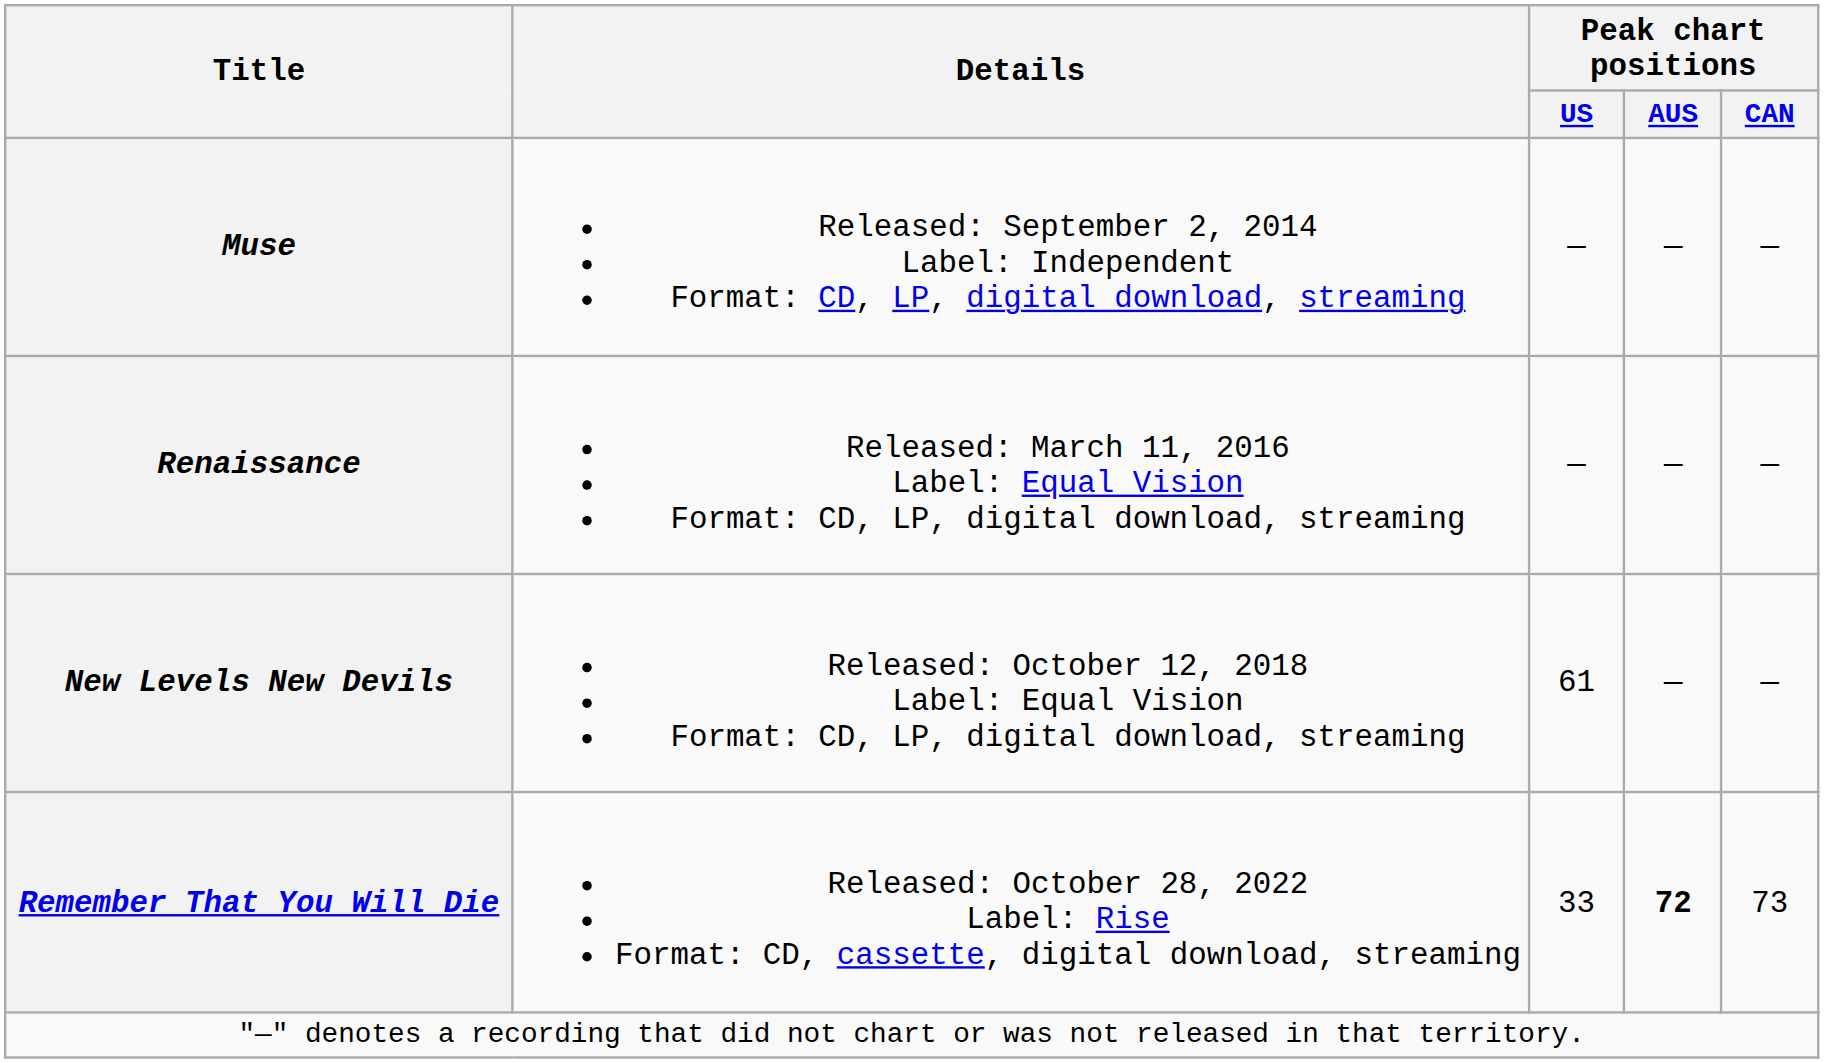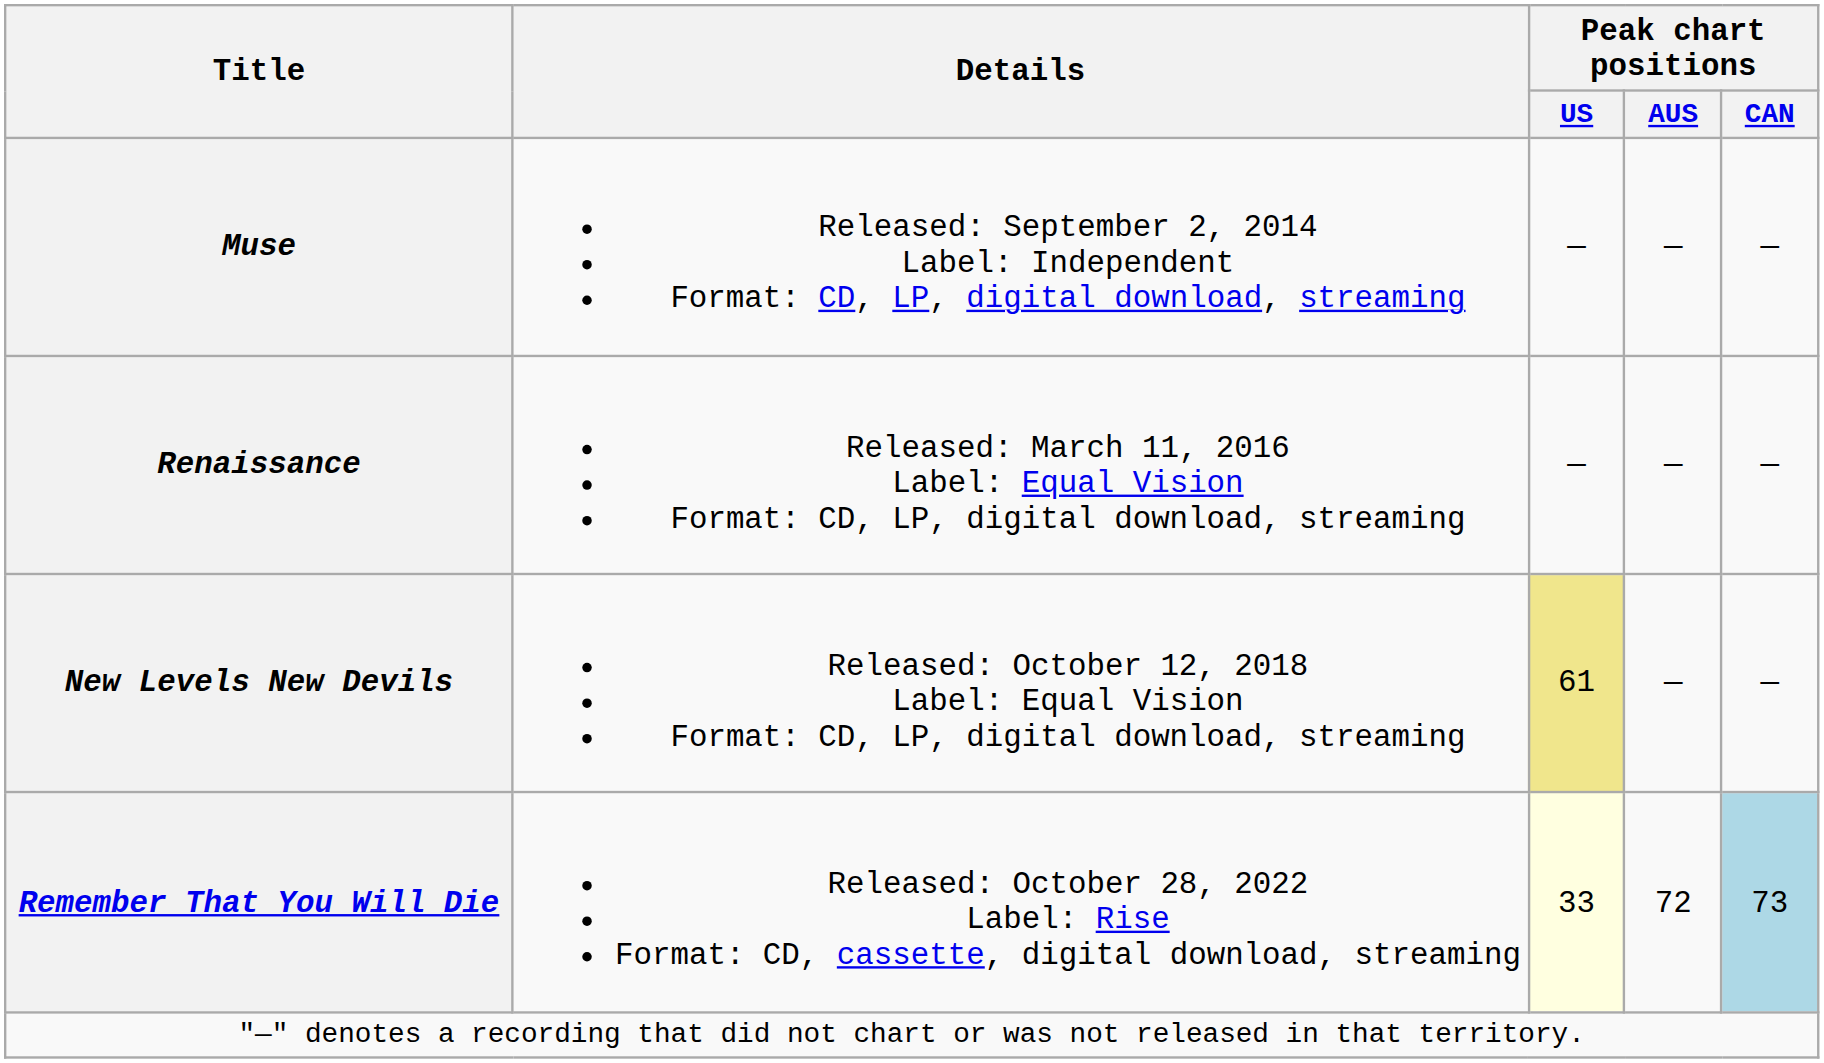 <table class="wikitable plainrowheaders" style="text-align:center;">
 <tr>
 <th scope="col" rowspan="2" style="width:16em;">Title</th>
 <th scope="col" rowspan="2">Details</th>
 <th scope="col" colspan="3">Peak chart positions</th>
 </tr>
 <tr>
 <th scope="col" style="width:3em;font-size:90%;"><a href='#'>US</a><br></th>
 <th scope="col" style="width:3em;font-size:90%;"><a href='#'>AUS</a><br></th>
 <th scope="col" style="width:3em;font-size:90%;"><a href='#'>CAN</a><br></th>
 </tr>
 <tr>
 <th scope="row"><em>Muse</em></th>
 <td><br><ul><li>Released: September 2, 2014</li><li>Label: Independent</li><li>Format: <a href='#'>CD</a>, <a href='#'>LP</a>, <a href='#'>digital download</a>, <a href='#'>streaming</a></li></ul></td>
 <td>—</td>
 <td>—</td>
 <td>—</td>
 </tr>
 <tr>
 <th scope="row"><em>Renaissance</em></th>
 <td><br><ul><li>Released: March 11, 2016</li><li>Label: <a href='#'>Equal Vision</a></li><li>Format: CD, LP, digital download, streaming</li></ul></td>
 <td>—</td>
 <td>—</td>
 <td>—</td>
 </tr>
 <tr>
 <th scope="row"><em>New Levels New Devils</em></th>
 <td><br><ul><li>Released: October 12, 2018</li><li>Label: Equal Vision</li><li>Format: CD, LP, digital download, streaming</li></ul></td>
-<td>61</td>
+<td style="background: khaki;">61</td>
 <td>—</td>
 <td>—</td>
 </tr>
 <tr>
 <th scope="row"><em><a href='#'>Remember That You Will Die</a></em></th>
 <td><br><ul><li>Released: October 28, 2022</li><li>Label: <a href='#'>Rise</a></li><li>Format: CD, <a href='#'>cassette</a>, digital download, streaming</li></ul></td>
-<td>33</td>
-<td><strong>72</strong></td>
-<td>73</td>
+<td style="background: lightyellow;">33</td>
+<td>72</td>
+<td style="background: lightblue;">73</td>
 </tr>
 <tr>
 <td colspan="10" style="font-size:90%">"—" denotes a recording that did not chart or was not released in that territory.</td>
 </tr>
 </table>
